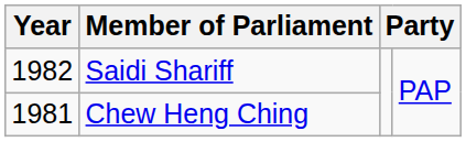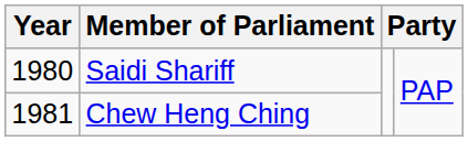 <table class="wikitable">
 <tr>
 <th>Year</th>
 <th>Member of Parliament</th>
 <th colspan="2">Party</th>
 </tr>
 <tr>
-<td>1982</td>
+<td>1980</td>
 <td><a href='#'>Saidi Shariff</a></td>
 <td rowspan="2"></td>
 <td rowspan="2"><a href='#'>PAP</a></td>
 </tr>
 <tr>
 <td>1981</td>
 <td><a href='#'>Chew Heng Ching</a></td>
 </tr>
 </table>
